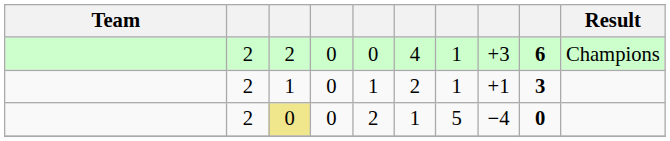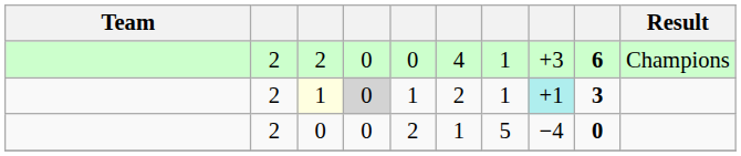 <table class="wikitable" style="text-align:center;">
 <tr>
 <th width=165>Team</th>
 <th width=25></th>
 <th width=25></th>
 <th width=25></th>
 <th width=25></th>
 <th width=25></th>
 <th width=25></th>
 <th width=25></th>
 <th width=25></th>
 <th>Result</th>
 </tr>
 <tr bgcolor="#ccffcc">
 <td style="text-align:left;"></td>
 <td>2</td>
 <td>2</td>
 <td>0</td>
 <td>0</td>
 <td>4</td>
 <td>1</td>
 <td>+3</td>
 <td><strong>6</strong></td>
 <td>Champions</td>
 </tr>
 <tr>
 <td style="text-align:left;"></td>
 <td>2</td>
-<td>1</td>
-<td>0</td>
+<td style="background: lightyellow;">1</td>
+<td style="background: lightgrey;">0</td>
 <td>1</td>
 <td>2</td>
 <td>1</td>
-<td>+1</td>
+<td style="background: paleturquoise;">+1</td>
 <td><strong>3</strong></td>
 <td></td>
 </tr>
 <tr>
 <td style="text-align:left;"></td>
 <td>2</td>
-<td style="background: khaki;">0</td>
+<td>0</td>
 <td>0</td>
 <td>2</td>
 <td>1</td>
 <td>5</td>
 <td>−4</td>
 <td><strong>0</strong></td>
 <td></td>
 </tr>
 <tr>
 </tr>
 </table>
